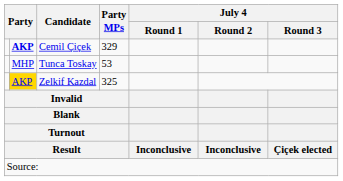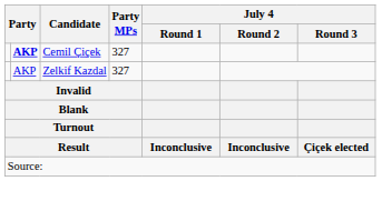 <table class=wikitable style="font-size:90%;">
 <tr>
 <th rowspan="2" colspan="2">Party</th>
 <th rowspan="2">Candidate</th>
 <th rowspan="2">Party<br><a href='#'>MPs</a></th>
 <th colspan="3">July 4</th>
 </tr>
 <tr>
 <th width="90px">Round 1<br></th>
 <th width="90px">Round 2<br></th>
 <th width="90px">Round 3<br></th>
 </tr>
 <tr>
 <td style="background: "></td>
 <td><strong><a href='#'>AKP</a></strong></td>
 <td><a href='#'>Cemil Çiçek</a></td>
-<td>329</td>
+<td>327</td>
 <td></td>
 <td></td>
 <td></td>
 </tr>
 <tr>
 <td style="background: "></td>
-<td><a href='#'>MHP</a></td>
-<td><a href='#'>Tunca Toskay</a></td>
-<td>53</td>
-<td></td>
-<td></td>
-<td></td>
-</tr>
-<tr>
-<td style="background: "></td>
-<td style="background: gold;"><a href='#'>AKP</a></td>
+<td><a href='#'>AKP</a></td>
 <td><a href='#'>Zelkif Kazdal</a></td>
-<td>325</td>
+<td>327</td>
 <td></td>
 <td colspan="2"></td>
 </tr>
 <tr>
 <th colspan="4">Invalid</th>
 <th></th>
 <th></th>
 <th></th>
 </tr>
 <tr>
 <th colspan="4">Blank</th>
 <th></th>
 <th></th>
 <th></th>
 </tr>
 <tr>
 <th colspan="4"><strong>Turnout</strong></th>
 <th></th>
 <th></th>
 <th></th>
 </tr>
 <tr>
 <th colspan="4"><strong>Result</strong></th>
 <th>Inconclusive</th>
 <th>Inconclusive</th>
 <th>Çiçek elected</th>
 </tr>
 <tr>
 <td colspan="7">Source: </td>
 </tr>
 </table>
